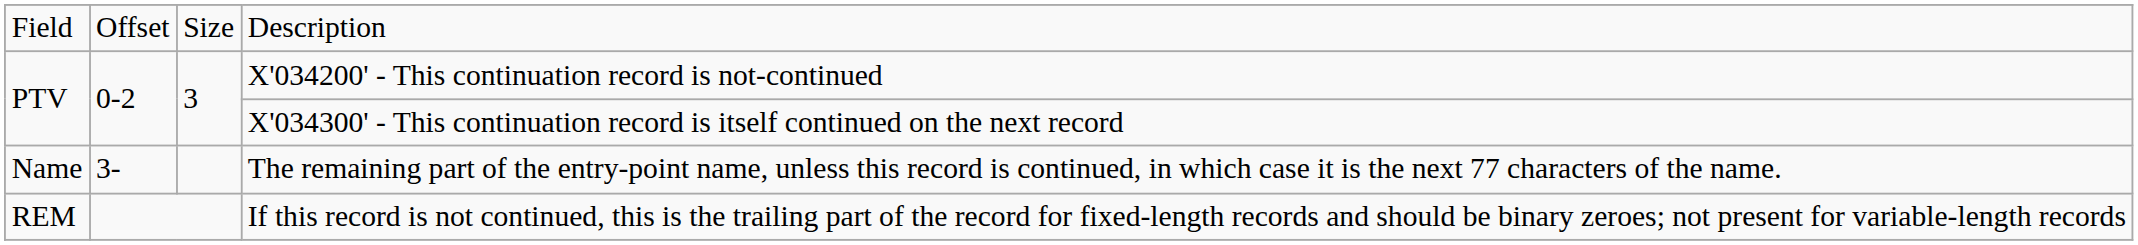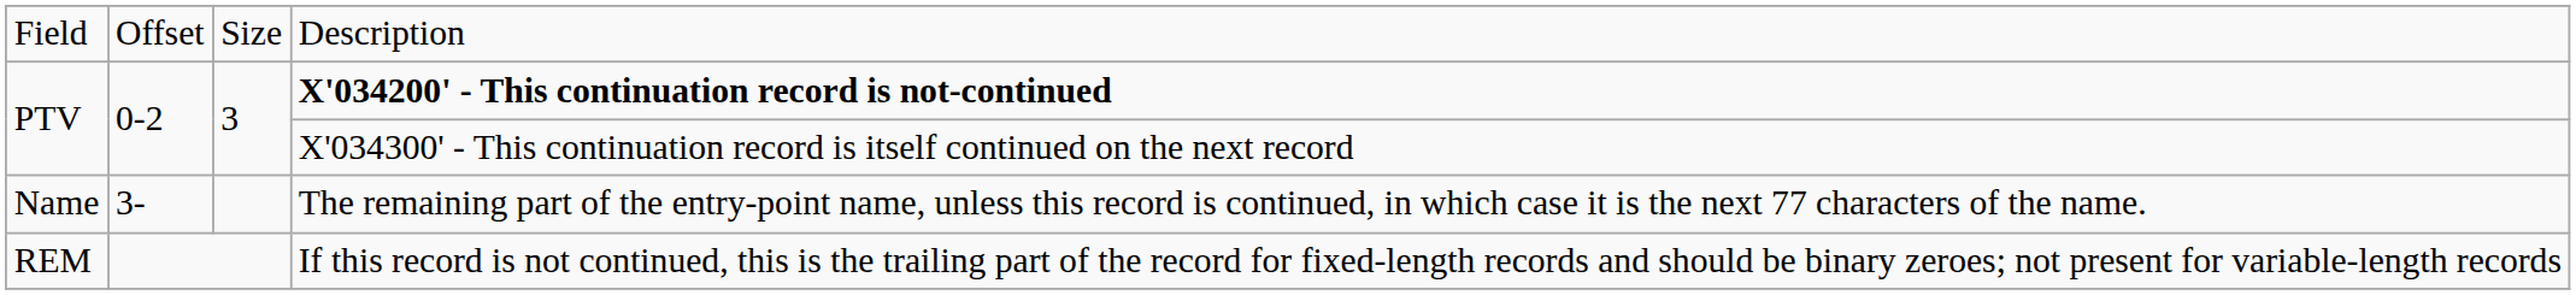 <table class="wikitable" border="1">
 <tr>
 <td>Field</td>
 <td>Offset</td>
 <td>Size</td>
 <td>Description</td>
 </tr>
 <tr>
 <td rowspan=2>PTV</td>
 <td rowspan=2>0-2</td>
 <td rowspan=2>3</td>
-<td>X'034200' - This continuation record is not-continued</td>
+<td><strong>X'034200' - This continuation record is not-continued</strong></td>
 </tr>
 <tr>
 <td>X'034300' - This continuation record is itself continued on the next record</td>
 </tr>
 <tr>
 <td>Name</td>
 <td>3-</td>
 <td></td>
 <td>The remaining part of the entry-point name, unless this record is continued, in which case it is the next 77 characters of the name.</td>
 </tr>
 <tr>
 <td>REM</td>
 <td colspan=2></td>
 <td>If this record is not continued, this is the trailing part of the record for fixed-length records and should be binary zeroes; not present for variable-length records</td>
 </tr>
 </table>
